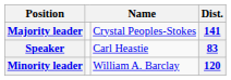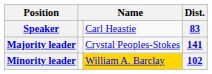 <table class="wikitable" yes yes>
 <tr>
 <th>Position</th>
 <th colspan="2">Name</th>
 <th>Dist.</th>
+</tr>
+<tr>
+<th><a href='#'>Speaker</a></th>
+<td style="background-color:"></td>
+<td><a href='#'>Carl Heastie</a></td>
+<th><a href='#'>83</a></th>
 </tr>
 <tr>
 <th><a href='#'>Majority leader</a></th>
 <td style="background-color:"></td>
 <td><a href='#'>Crystal Peoples-Stokes</a></td>
 <th><a href='#'>141</a></th>
 </tr>
 <tr>
-<th><a href='#'>Speaker</a></th>
-<td style="background-color:"></td>
-<td><a href='#'>Carl Heastie</a></td>
-<th><a href='#'>83</a></th>
-</tr>
-<tr>
 <th><a href='#'>Minority leader</a></th>
 <td style="background-color:"></td>
-<td><a href='#'>William A. Barclay</a></td>
-<th><a href='#'>120</a></th>
+<td style="background: gold;"><a href='#'>William A. Barclay</a></td>
+<th><a href='#'>102</a></th>
 </tr>
 </table>
